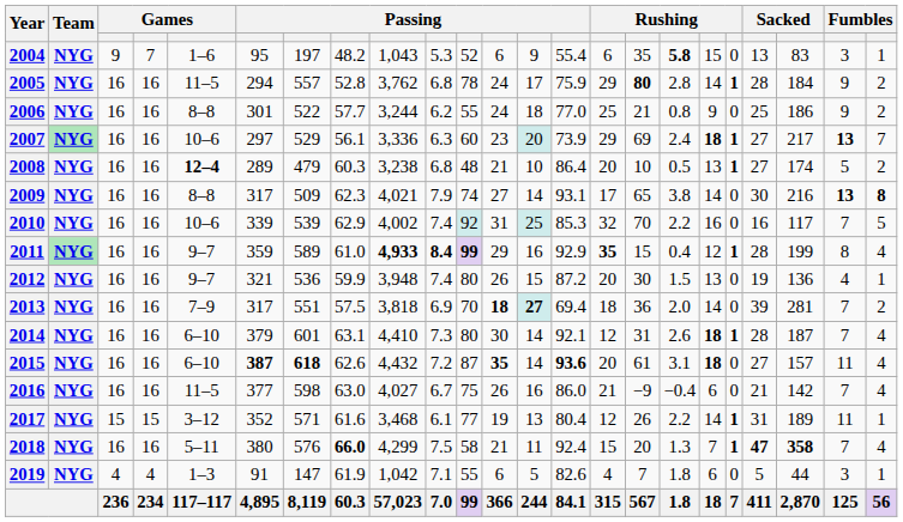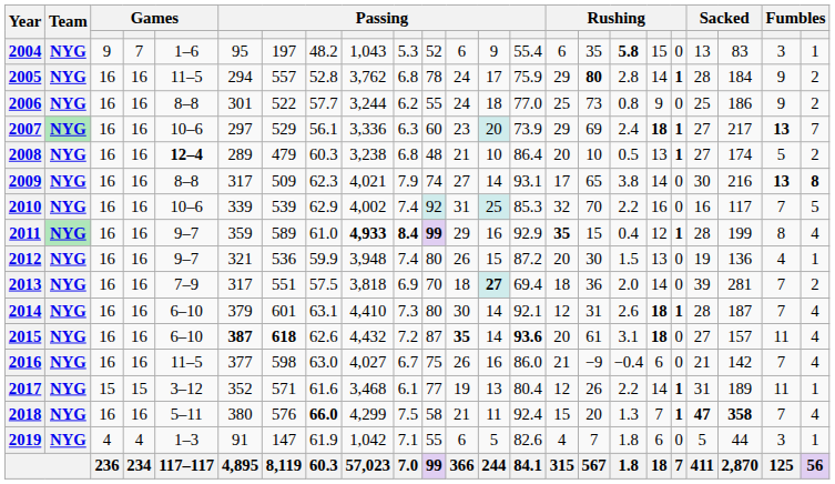 <table class="wikitable" style="text-align:center">
 <tr>
 <th rowspan="2">Year</th>
 <th rowspan="2">Team</th>
 <th colspan="3">Games</th>
 <th colspan="9">Passing</th>
 <th colspan="5">Rushing</th>
 <th colspan="2">Sacked</th>
 <th colspan="2">Fumbles</th>
 </tr>
 <tr>
 <th></th>
 <th></th>
 <th></th>
 <th></th>
 <th></th>
 <th></th>
 <th></th>
 <th></th>
 <th></th>
 <th></th>
 <th></th>
 <th></th>
 <th></th>
 <th></th>
 <th></th>
 <th></th>
 <th></th>
 <th></th>
 <th></th>
 <th></th>
 <th></th>
 </tr>
 <tr>
 <th><a href='#'>2004</a></th>
 <th><a href='#'>NYG</a></th>
 <td>9</td>
 <td>7</td>
 <td>1–6</td>
 <td>95</td>
 <td>197</td>
 <td>48.2</td>
 <td>1,043</td>
 <td>5.3</td>
 <td>52</td>
 <td>6</td>
 <td>9</td>
 <td>55.4</td>
 <td>6</td>
 <td>35</td>
 <td><strong>5.8</strong></td>
 <td>15</td>
 <td>0</td>
 <td>13</td>
 <td>83</td>
 <td>3</td>
 <td>1</td>
 </tr>
 <tr>
 <th><a href='#'>2005</a></th>
 <th><a href='#'>NYG</a></th>
 <td>16</td>
 <td>16</td>
 <td>11–5</td>
 <td>294</td>
 <td>557</td>
 <td>52.8</td>
 <td>3,762</td>
 <td>6.8</td>
 <td>78</td>
 <td>24</td>
 <td>17</td>
 <td>75.9</td>
 <td>29</td>
 <td><strong>80</strong></td>
 <td>2.8</td>
 <td>14</td>
 <td><strong>1</strong></td>
 <td>28</td>
 <td>184</td>
 <td>9</td>
 <td>2</td>
 </tr>
 <tr>
 <th><a href='#'>2006</a></th>
 <th><a href='#'>NYG</a></th>
 <td>16</td>
 <td>16</td>
 <td>8–8</td>
 <td>301</td>
 <td>522</td>
 <td>57.7</td>
 <td>3,244</td>
 <td>6.2</td>
 <td>55</td>
 <td>24</td>
 <td>18</td>
 <td>77.0</td>
 <td>25</td>
-<td>21</td>
+<td>73</td>
 <td>0.8</td>
 <td>9</td>
 <td>0</td>
 <td>25</td>
 <td>186</td>
 <td>9</td>
 <td>2</td>
 </tr>
 <tr>
 <th><a href='#'>2007</a></th>
 <th style="background:#afe6ba;"><a href='#'>NYG</a></th>
 <td>16</td>
 <td>16</td>
 <td>10–6</td>
 <td>297</td>
 <td>529</td>
 <td>56.1</td>
 <td>3,336</td>
 <td>6.3</td>
 <td>60</td>
 <td>23</td>
 <td style="background:#cfecec;">20</td>
 <td>73.9</td>
 <td>29</td>
 <td>69</td>
 <td>2.4</td>
 <td><strong>18</strong></td>
 <td><strong>1</strong></td>
 <td>27</td>
 <td>217</td>
 <td><strong>13</strong></td>
 <td>7</td>
 </tr>
 <tr>
 <th><a href='#'>2008</a></th>
 <th><a href='#'>NYG</a></th>
 <td>16</td>
 <td>16</td>
 <td><strong>12–4</strong></td>
 <td>289</td>
 <td>479</td>
 <td>60.3</td>
 <td>3,238</td>
 <td>6.8</td>
 <td>48</td>
 <td>21</td>
 <td>10</td>
 <td>86.4</td>
 <td>20</td>
 <td>10</td>
 <td>0.5</td>
 <td>13</td>
 <td><strong>1</strong></td>
 <td>27</td>
 <td>174</td>
 <td>5</td>
 <td>2</td>
 </tr>
 <tr>
 <th><a href='#'>2009</a></th>
 <th><a href='#'>NYG</a></th>
 <td>16</td>
 <td>16</td>
 <td>8–8</td>
 <td>317</td>
 <td>509</td>
 <td>62.3</td>
 <td>4,021</td>
 <td>7.9</td>
 <td>74</td>
 <td>27</td>
 <td>14</td>
 <td>93.1</td>
 <td>17</td>
 <td>65</td>
 <td>3.8</td>
 <td>14</td>
 <td>0</td>
 <td>30</td>
 <td>216</td>
 <td><strong>13</strong></td>
 <td><strong>8</strong></td>
 </tr>
 <tr>
 <th><a href='#'>2010</a></th>
 <th><a href='#'>NYG</a></th>
 <td>16</td>
 <td>16</td>
 <td>10–6</td>
 <td>339</td>
 <td>539</td>
 <td>62.9</td>
 <td>4,002</td>
 <td>7.4</td>
 <td style="background:#cfecec;">92</td>
 <td>31</td>
 <td style="background:#cfecec;">25</td>
 <td>85.3</td>
 <td>32</td>
 <td>70</td>
 <td>2.2</td>
 <td>16</td>
 <td>0</td>
 <td>16</td>
 <td>117</td>
 <td>7</td>
 <td>5</td>
 </tr>
 <tr>
 <th><a href='#'>2011</a></th>
 <th style="background:#afe6ba;"><a href='#'>NYG</a></th>
 <td>16</td>
 <td>16</td>
 <td>9–7</td>
 <td>359</td>
 <td>589</td>
 <td>61.0</td>
 <td><strong>4,933</strong></td>
 <td><strong>8.4</strong></td>
 <td style="background:#e0cef2;"><strong>99</strong></td>
 <td>29</td>
 <td>16</td>
 <td>92.9</td>
 <td><strong>35</strong></td>
 <td>15</td>
 <td>0.4</td>
 <td>12</td>
 <td><strong>1</strong></td>
 <td>28</td>
 <td>199</td>
 <td>8</td>
 <td>4</td>
 </tr>
 <tr>
 <th><a href='#'>2012</a></th>
 <th><a href='#'>NYG</a></th>
 <td>16</td>
 <td>16</td>
 <td>9–7</td>
 <td>321</td>
 <td>536</td>
 <td>59.9</td>
 <td>3,948</td>
 <td>7.4</td>
 <td>80</td>
 <td>26</td>
 <td>15</td>
 <td>87.2</td>
 <td>20</td>
 <td>30</td>
 <td>1.5</td>
 <td>13</td>
 <td>0</td>
 <td>19</td>
 <td>136</td>
 <td>4</td>
 <td>1</td>
 </tr>
 <tr>
 <th><a href='#'>2013</a></th>
 <th><a href='#'>NYG</a></th>
 <td>16</td>
 <td>16</td>
 <td>7–9</td>
 <td>317</td>
 <td>551</td>
 <td>57.5</td>
 <td>3,818</td>
 <td>6.9</td>
 <td>70</td>
-<td><strong>18</strong></td>
+<td>18</td>
 <td style="background:#cfecec;"><strong>27</strong></td>
 <td>69.4</td>
 <td>18</td>
 <td>36</td>
 <td>2.0</td>
 <td>14</td>
 <td>0</td>
 <td>39</td>
 <td>281</td>
 <td>7</td>
 <td>2</td>
 </tr>
 <tr>
 <th><a href='#'>2014</a></th>
 <th><a href='#'>NYG</a></th>
 <td>16</td>
 <td>16</td>
 <td>6–10</td>
 <td>379</td>
 <td>601</td>
 <td>63.1</td>
 <td>4,410</td>
 <td>7.3</td>
 <td>80</td>
 <td>30</td>
 <td>14</td>
 <td>92.1</td>
 <td>12</td>
 <td>31</td>
 <td>2.6</td>
 <td><strong>18</strong></td>
 <td><strong>1</strong></td>
 <td>28</td>
 <td>187</td>
 <td>7</td>
 <td>4</td>
 </tr>
 <tr>
 <th><a href='#'>2015</a></th>
 <th><a href='#'>NYG</a></th>
 <td>16</td>
 <td>16</td>
 <td>6–10</td>
 <td><strong>387</strong></td>
 <td><strong>618</strong></td>
 <td>62.6</td>
 <td>4,432</td>
 <td>7.2</td>
 <td>87</td>
 <td><strong>35</strong></td>
 <td>14</td>
 <td><strong>93.6</strong></td>
 <td>20</td>
 <td>61</td>
 <td>3.1</td>
 <td><strong>18</strong></td>
 <td>0</td>
 <td>27</td>
 <td>157</td>
 <td>11</td>
 <td>4</td>
 </tr>
 <tr>
 <th><a href='#'>2016</a></th>
 <th><a href='#'>NYG</a></th>
 <td>16</td>
 <td>16</td>
 <td>11–5</td>
 <td>377</td>
 <td>598</td>
 <td>63.0</td>
 <td>4,027</td>
 <td>6.7</td>
 <td>75</td>
 <td>26</td>
 <td>16</td>
 <td>86.0</td>
 <td>21</td>
 <td>−9</td>
 <td>−0.4</td>
 <td>6</td>
 <td>0</td>
 <td>21</td>
 <td>142</td>
 <td>7</td>
 <td>4</td>
 </tr>
 <tr>
 <th><a href='#'>2017</a></th>
 <th><a href='#'>NYG</a></th>
 <td>15</td>
 <td>15</td>
 <td>3–12</td>
 <td>352</td>
 <td>571</td>
 <td>61.6</td>
 <td>3,468</td>
 <td>6.1</td>
 <td>77</td>
 <td>19</td>
 <td>13</td>
 <td>80.4</td>
 <td>12</td>
 <td>26</td>
 <td>2.2</td>
 <td>14</td>
 <td><strong>1</strong></td>
 <td>31</td>
 <td>189</td>
 <td>11</td>
 <td>1</td>
 </tr>
 <tr>
 <th><a href='#'>2018</a></th>
 <th><a href='#'>NYG</a></th>
 <td>16</td>
 <td>16</td>
 <td>5–11</td>
 <td>380</td>
 <td>576</td>
 <td><strong>66.0</strong></td>
 <td>4,299</td>
 <td>7.5</td>
 <td>58</td>
 <td>21</td>
 <td>11</td>
 <td>92.4</td>
 <td>15</td>
 <td>20</td>
 <td>1.3</td>
 <td>7</td>
 <td><strong>1</strong></td>
 <td><strong>47</strong></td>
 <td><strong>358</strong></td>
 <td>7</td>
 <td>4</td>
 </tr>
 <tr>
 <th><a href='#'>2019</a></th>
 <th><a href='#'>NYG</a></th>
 <td>4</td>
 <td>4</td>
 <td>1–3</td>
 <td>91</td>
 <td>147</td>
 <td>61.9</td>
 <td>1,042</td>
 <td>7.1</td>
 <td>55</td>
 <td>6</td>
 <td>5</td>
 <td>82.6</td>
 <td>4</td>
 <td>7</td>
 <td>1.8</td>
 <td>6</td>
 <td>0</td>
 <td>5</td>
 <td>44</td>
 <td>3</td>
 <td>1</td>
 </tr>
 <tr>
 <th colspan="2"></th>
 <th>236</th>
 <th>234</th>
 <th>117–117</th>
 <th>4,895</th>
 <th>8,119</th>
 <th>60.3</th>
 <th>57,023</th>
 <th>7.0</th>
 <th style="background:#e0cef2;">99</th>
 <th>366</th>
 <th>244</th>
 <th>84.1</th>
 <th>315</th>
 <th>567</th>
 <th>1.8</th>
 <th>18</th>
 <th>7</th>
 <th>411</th>
 <th>2,870</th>
 <th>125</th>
 <th style="background:#e0cef2;">56</th>
 </tr>
 </table>
